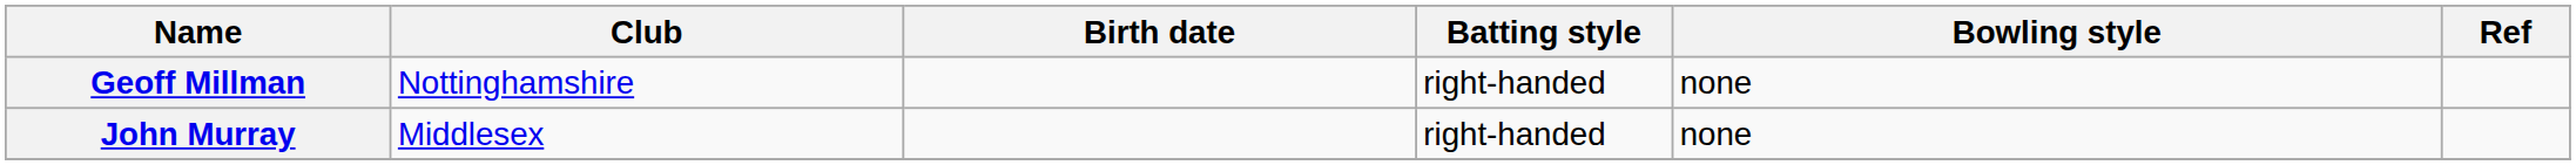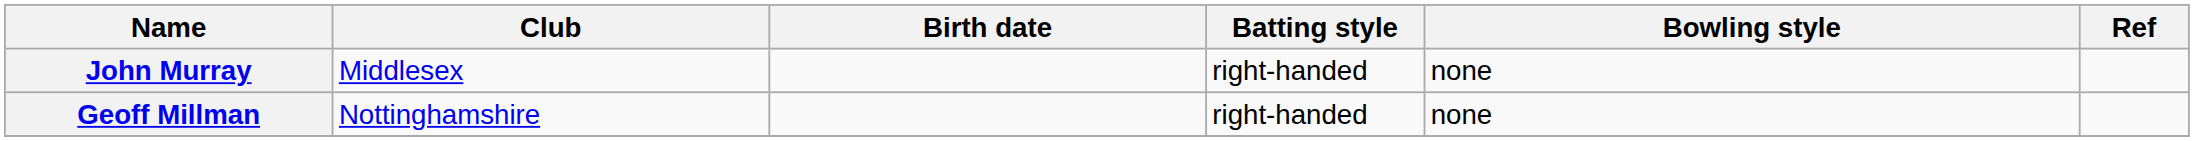 <table class="wikitable plainrowheaders" style="font-size:95%; width:95%;">
 <tr>
 <th scope="col" width="15%">Name</th>
 <th scope="col" width="20%">Club</th>
 <th scope="col" width="20%">Birth date</th>
 <th scope="col" width="10%">Batting style</th>
 <th scope="col" width="30%">Bowling style</th>
 <th scope="col" width="5%">Ref</th>
 </tr>
 <tr>
+<th scope="row"><a href='#'>John Murray</a></th>
+<td><a href='#'>Middlesex</a></td>
+<td></td>
+<td>right-handed</td>
+<td>none</td>
+<td></td>
+</tr>
+<tr>
 <th scope="row"><a href='#'>Geoff Millman</a></th>
 <td><a href='#'>Nottinghamshire</a></td>
 <td></td>
 <td>right-handed</td>
 <td>none</td>
 <td></td>
 </tr>
 <tr>
-<th scope="row"><a href='#'>John Murray</a></th>
-<td><a href='#'>Middlesex</a></td>
-<td></td>
-<td>right-handed</td>
-<td>none</td>
-<td></td>
-</tr>
-<tr>
 </tr>
 </table>
